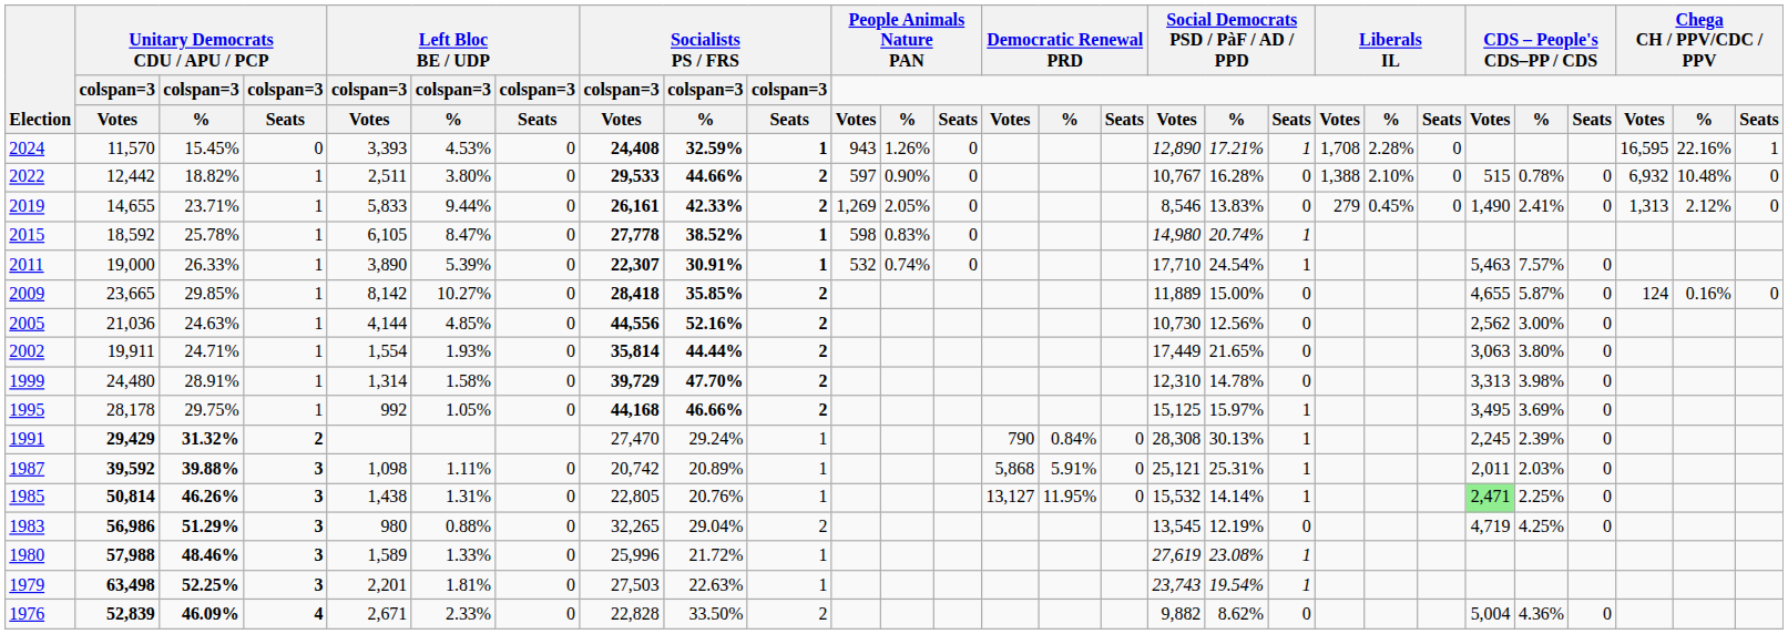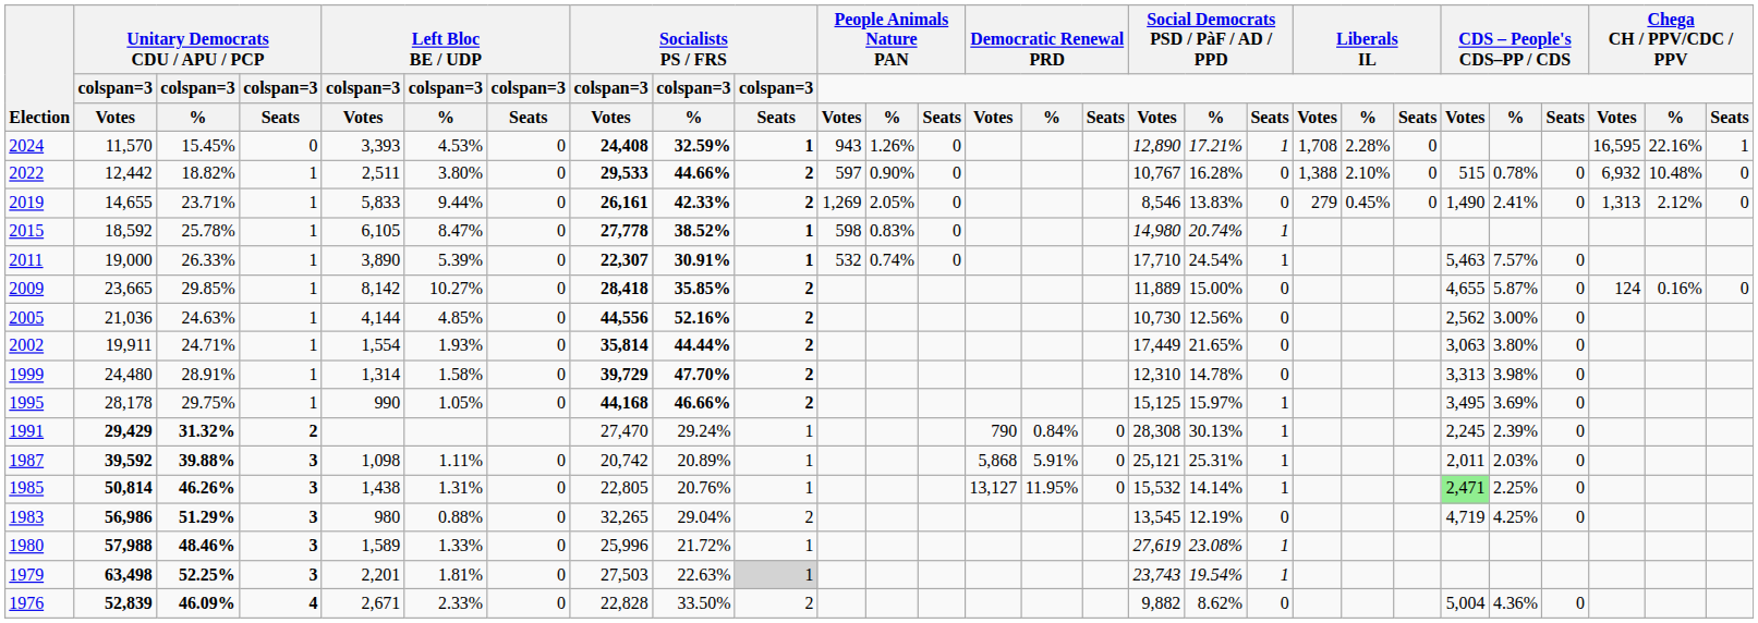 <table class="wikitable" border="1" style="font-size:85%; text-align:right;">
 <tr>
 <th style="text-align:left;" valign=bottom rowspan=3>Election</th>
 <th valign=bottom colspan=3><a href='#'>Unitary Democrats</a><br>CDU / APU / PCP</th>
 <th valign=bottom colspan=3><a href='#'>Left Bloc</a><br>BE / UDP</th>
 <th valign=bottom colspan=3><a href='#'>Socialists</a><br>PS / FRS</th>
 <th valign=bottom colspan=3><a href='#'>People Animals Nature</a><br>PAN</th>
 <th valign=bottom colspan=3><a href='#'>Democratic Renewal</a><br>PRD</th>
 <th valign=bottom colspan=3><a href='#'>Social Democrats</a><br>PSD / PàF / AD / PPD</th>
 <th valign=bottom colspan=3><a href='#'>Liberals</a><br>IL</th>
 <th valign=bottom colspan=3><a href='#'>CDS – People's</a><br>CDS–PP / CDS</th>
 <th valign=bottom colspan=3><a href='#'>Chega</a><br>CH / PPV/CDC / PPV</th>
 </tr>
 <tr>
 <th>colspan=3 </th>
 <th>colspan=3 </th>
 <th>colspan=3 </th>
 <th>colspan=3 </th>
 <th>colspan=3 </th>
 <th>colspan=3 </th>
 <th>colspan=3 </th>
 <th>colspan=3 </th>
 <th>colspan=3 </th>
 </tr>
 <tr>
 <th>Votes</th>
 <th>%</th>
 <th>Seats</th>
 <th>Votes</th>
 <th>%</th>
 <th>Seats</th>
 <th>Votes</th>
 <th>%</th>
 <th>Seats</th>
 <th>Votes</th>
 <th>%</th>
 <th>Seats</th>
 <th>Votes</th>
 <th>%</th>
 <th>Seats</th>
 <th>Votes</th>
 <th>%</th>
 <th>Seats</th>
 <th>Votes</th>
 <th>%</th>
 <th>Seats</th>
 <th>Votes</th>
 <th>%</th>
 <th>Seats</th>
 <th>Votes</th>
 <th>%</th>
 <th>Seats</th>
 </tr>
 <tr>
 <td align=left><a href='#'>2024</a></td>
 <td>11,570</td>
 <td>15.45%</td>
 <td>0</td>
 <td>3,393</td>
 <td>4.53%</td>
 <td>0</td>
 <td><strong>24,408</strong></td>
 <td><strong>32.59%</strong></td>
 <td><strong>1</strong></td>
 <td>943</td>
 <td>1.26%</td>
 <td>0</td>
 <td></td>
 <td></td>
 <td></td>
 <td><em>12,890</em></td>
 <td><em>17.21%</em></td>
 <td><em>1</em></td>
 <td>1,708</td>
 <td>2.28%</td>
 <td>0</td>
 <td></td>
 <td></td>
 <td></td>
 <td>16,595</td>
 <td>22.16%</td>
 <td>1</td>
 </tr>
 <tr>
 <td align=left><a href='#'>2022</a></td>
 <td>12,442</td>
 <td>18.82%</td>
 <td>1</td>
 <td>2,511</td>
 <td>3.80%</td>
 <td>0</td>
 <td><strong>29,533</strong></td>
 <td><strong>44.66%</strong></td>
 <td><strong>2</strong></td>
 <td>597</td>
 <td>0.90%</td>
 <td>0</td>
 <td></td>
 <td></td>
 <td></td>
 <td>10,767</td>
 <td>16.28%</td>
 <td>0</td>
 <td>1,388</td>
 <td>2.10%</td>
 <td>0</td>
 <td>515</td>
 <td>0.78%</td>
 <td>0</td>
 <td>6,932</td>
 <td>10.48%</td>
 <td>0</td>
 </tr>
 <tr>
 <td align=left><a href='#'>2019</a></td>
 <td>14,655</td>
 <td>23.71%</td>
 <td>1</td>
 <td>5,833</td>
 <td>9.44%</td>
 <td>0</td>
 <td><strong>26,161</strong></td>
 <td><strong>42.33%</strong></td>
 <td><strong>2</strong></td>
 <td>1,269</td>
 <td>2.05%</td>
 <td>0</td>
 <td></td>
 <td></td>
 <td></td>
 <td>8,546</td>
 <td>13.83%</td>
 <td>0</td>
 <td>279</td>
 <td>0.45%</td>
 <td>0</td>
 <td>1,490</td>
 <td>2.41%</td>
 <td>0</td>
 <td>1,313</td>
 <td>2.12%</td>
 <td>0</td>
 </tr>
 <tr>
 <td align=left><a href='#'>2015</a></td>
 <td>18,592</td>
 <td>25.78%</td>
 <td>1</td>
 <td>6,105</td>
 <td>8.47%</td>
 <td>0</td>
 <td><strong>27,778</strong></td>
 <td><strong>38.52%</strong></td>
 <td><strong>1</strong></td>
 <td>598</td>
 <td>0.83%</td>
 <td>0</td>
 <td></td>
 <td></td>
 <td></td>
 <td><em>14,980</em></td>
 <td><em>20.74%</em></td>
 <td><em>1</em></td>
 <td></td>
 <td></td>
 <td></td>
 <td></td>
 <td></td>
 <td></td>
 <td></td>
 <td></td>
 <td></td>
 </tr>
 <tr>
 <td align=left><a href='#'>2011</a></td>
 <td>19,000</td>
 <td>26.33%</td>
 <td>1</td>
 <td>3,890</td>
 <td>5.39%</td>
 <td>0</td>
 <td><strong>22,307</strong></td>
 <td><strong>30.91%</strong></td>
 <td><strong>1</strong></td>
 <td>532</td>
 <td>0.74%</td>
 <td>0</td>
 <td></td>
 <td></td>
 <td></td>
 <td>17,710</td>
 <td>24.54%</td>
 <td>1</td>
 <td></td>
 <td></td>
 <td></td>
 <td>5,463</td>
 <td>7.57%</td>
 <td>0</td>
 <td></td>
 <td></td>
 <td></td>
 </tr>
 <tr>
 <td align=left><a href='#'>2009</a></td>
 <td>23,665</td>
 <td>29.85%</td>
 <td>1</td>
 <td>8,142</td>
 <td>10.27%</td>
 <td>0</td>
 <td><strong>28,418</strong></td>
 <td><strong>35.85%</strong></td>
 <td><strong>2</strong></td>
 <td></td>
 <td></td>
 <td></td>
 <td></td>
 <td></td>
 <td></td>
 <td>11,889</td>
 <td>15.00%</td>
 <td>0</td>
 <td></td>
 <td></td>
 <td></td>
 <td>4,655</td>
 <td>5.87%</td>
 <td>0</td>
 <td>124</td>
 <td>0.16%</td>
 <td>0</td>
 </tr>
 <tr>
 <td align=left><a href='#'>2005</a></td>
 <td>21,036</td>
 <td>24.63%</td>
 <td>1</td>
 <td>4,144</td>
 <td>4.85%</td>
 <td>0</td>
 <td><strong>44,556</strong></td>
 <td><strong>52.16%</strong></td>
 <td><strong>2</strong></td>
 <td></td>
 <td></td>
 <td></td>
 <td></td>
 <td></td>
 <td></td>
 <td>10,730</td>
 <td>12.56%</td>
 <td>0</td>
 <td></td>
 <td></td>
 <td></td>
 <td>2,562</td>
 <td>3.00%</td>
 <td>0</td>
 <td></td>
 <td></td>
 <td></td>
 </tr>
 <tr>
 <td align=left><a href='#'>2002</a></td>
 <td>19,911</td>
 <td>24.71%</td>
 <td>1</td>
 <td>1,554</td>
 <td>1.93%</td>
 <td>0</td>
 <td><strong>35,814</strong></td>
 <td><strong>44.44%</strong></td>
 <td><strong>2</strong></td>
 <td></td>
 <td></td>
 <td></td>
 <td></td>
 <td></td>
 <td></td>
 <td>17,449</td>
 <td>21.65%</td>
 <td>0</td>
 <td></td>
 <td></td>
 <td></td>
 <td>3,063</td>
 <td>3.80%</td>
 <td>0</td>
 <td></td>
 <td></td>
 <td></td>
 </tr>
 <tr>
 <td align=left><a href='#'>1999</a></td>
 <td>24,480</td>
 <td>28.91%</td>
 <td>1</td>
 <td>1,314</td>
 <td>1.58%</td>
 <td>0</td>
 <td><strong>39,729</strong></td>
 <td><strong>47.70%</strong></td>
 <td><strong>2</strong></td>
 <td></td>
 <td></td>
 <td></td>
 <td></td>
 <td></td>
 <td></td>
 <td>12,310</td>
 <td>14.78%</td>
 <td>0</td>
 <td></td>
 <td></td>
 <td></td>
 <td>3,313</td>
 <td>3.98%</td>
 <td>0</td>
 <td></td>
 <td></td>
 <td></td>
 </tr>
 <tr>
 <td align=left><a href='#'>1995</a></td>
 <td>28,178</td>
 <td>29.75%</td>
 <td>1</td>
-<td>992</td>
+<td>990</td>
 <td>1.05%</td>
 <td>0</td>
 <td><strong>44,168</strong></td>
 <td><strong>46.66%</strong></td>
 <td><strong>2</strong></td>
 <td></td>
 <td></td>
 <td></td>
 <td></td>
 <td></td>
 <td></td>
 <td>15,125</td>
 <td>15.97%</td>
 <td>1</td>
 <td></td>
 <td></td>
 <td></td>
 <td>3,495</td>
 <td>3.69%</td>
 <td>0</td>
 <td></td>
 <td></td>
 <td></td>
 </tr>
 <tr>
 <td align=left><a href='#'>1991</a></td>
 <td><strong>29,429</strong></td>
 <td><strong>31.32%</strong></td>
 <td><strong>2</strong></td>
 <td></td>
 <td></td>
 <td></td>
 <td>27,470</td>
 <td>29.24%</td>
 <td>1</td>
 <td></td>
 <td></td>
 <td></td>
 <td>790</td>
 <td>0.84%</td>
 <td>0</td>
 <td>28,308</td>
 <td>30.13%</td>
 <td>1</td>
 <td></td>
 <td></td>
 <td></td>
 <td>2,245</td>
 <td>2.39%</td>
 <td>0</td>
 <td></td>
 <td></td>
 <td></td>
 </tr>
 <tr>
 <td align=left><a href='#'>1987</a></td>
 <td><strong>39,592</strong></td>
 <td><strong>39.88%</strong></td>
 <td><strong>3</strong></td>
 <td>1,098</td>
 <td>1.11%</td>
 <td>0</td>
 <td>20,742</td>
 <td>20.89%</td>
 <td>1</td>
 <td></td>
 <td></td>
 <td></td>
 <td>5,868</td>
 <td>5.91%</td>
 <td>0</td>
 <td>25,121</td>
 <td>25.31%</td>
 <td>1</td>
 <td></td>
 <td></td>
 <td></td>
 <td>2,011</td>
 <td>2.03%</td>
 <td>0</td>
 <td></td>
 <td></td>
 <td></td>
 </tr>
 <tr>
 <td align=left><a href='#'>1985</a></td>
 <td><strong>50,814</strong></td>
 <td><strong>46.26%</strong></td>
 <td><strong>3</strong></td>
 <td>1,438</td>
 <td>1.31%</td>
 <td>0</td>
 <td>22,805</td>
 <td>20.76%</td>
 <td>1</td>
 <td></td>
 <td></td>
 <td></td>
 <td>13,127</td>
 <td>11.95%</td>
 <td>0</td>
 <td>15,532</td>
 <td>14.14%</td>
 <td>1</td>
 <td></td>
 <td></td>
 <td></td>
 <td style="background: lightgreen;">2,471</td>
 <td>2.25%</td>
 <td>0</td>
 <td></td>
 <td></td>
 <td></td>
 </tr>
 <tr>
 <td align=left><a href='#'>1983</a></td>
 <td><strong>56,986</strong></td>
 <td><strong>51.29%</strong></td>
 <td><strong>3</strong></td>
 <td>980</td>
 <td>0.88%</td>
 <td>0</td>
 <td>32,265</td>
 <td>29.04%</td>
 <td>2</td>
 <td></td>
 <td></td>
 <td></td>
 <td></td>
 <td></td>
 <td></td>
 <td>13,545</td>
 <td>12.19%</td>
 <td>0</td>
 <td></td>
 <td></td>
 <td></td>
 <td>4,719</td>
 <td>4.25%</td>
 <td>0</td>
 <td></td>
 <td></td>
 <td></td>
 </tr>
 <tr>
 <td align=left><a href='#'>1980</a></td>
 <td><strong>57,988</strong></td>
 <td><strong>48.46%</strong></td>
 <td><strong>3</strong></td>
 <td>1,589</td>
 <td>1.33%</td>
 <td>0</td>
 <td>25,996</td>
 <td>21.72%</td>
 <td>1</td>
 <td></td>
 <td></td>
 <td></td>
 <td></td>
 <td></td>
 <td></td>
 <td><em>27,619</em></td>
 <td><em>23.08%</em></td>
 <td><em>1</em></td>
 <td></td>
 <td></td>
 <td></td>
 <td></td>
 <td></td>
 <td></td>
 <td></td>
 <td></td>
 <td></td>
 </tr>
 <tr>
 <td align=left><a href='#'>1979</a></td>
 <td><strong>63,498</strong></td>
 <td><strong>52.25%</strong></td>
 <td><strong>3</strong></td>
 <td>2,201</td>
 <td>1.81%</td>
 <td>0</td>
 <td>27,503</td>
 <td>22.63%</td>
-<td>1</td>
+<td style="background: lightgrey;">1</td>
 <td></td>
 <td></td>
 <td></td>
 <td></td>
 <td></td>
 <td></td>
 <td><em>23,743</em></td>
 <td><em>19.54%</em></td>
 <td><em>1</em></td>
 <td></td>
 <td></td>
 <td></td>
 <td></td>
 <td></td>
 <td></td>
 <td></td>
 <td></td>
 <td></td>
 </tr>
 <tr>
 <td align=left><a href='#'>1976</a></td>
 <td><strong>52,839</strong></td>
 <td><strong>46.09%</strong></td>
 <td><strong>4</strong></td>
 <td>2,671</td>
 <td>2.33%</td>
 <td>0</td>
 <td>22,828</td>
 <td>33.50%</td>
 <td>2</td>
 <td></td>
 <td></td>
 <td></td>
 <td></td>
 <td></td>
 <td></td>
 <td>9,882</td>
 <td>8.62%</td>
 <td>0</td>
 <td></td>
 <td></td>
 <td></td>
 <td>5,004</td>
 <td>4.36%</td>
 <td>0</td>
 <td></td>
 <td></td>
 <td></td>
 </tr>
 </table>
